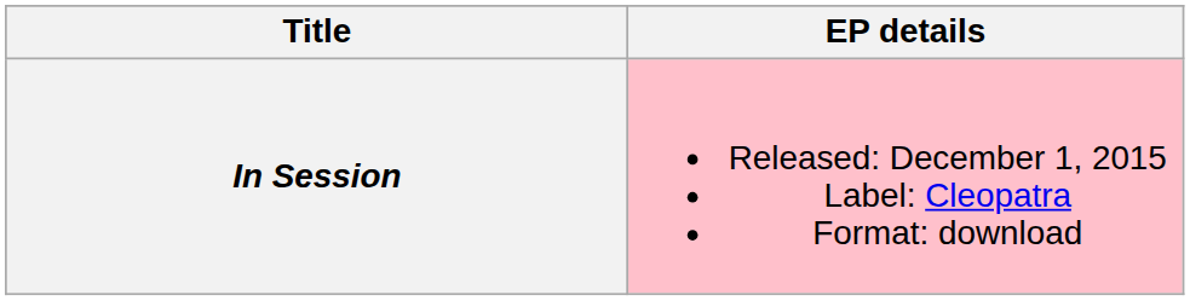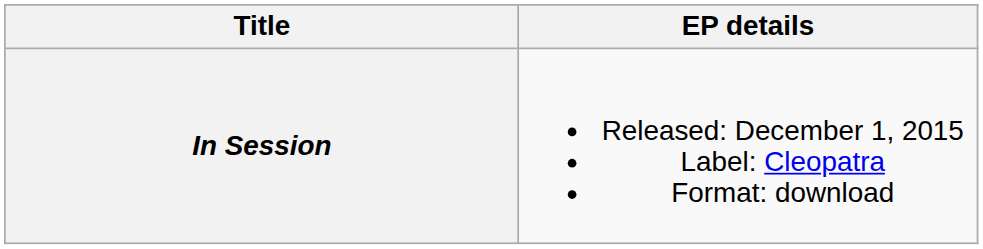 <table class="wikitable plainrowheaders" style="text-align:center;">
 <tr>
 <th scope="col" style="width:18em;">Title</th>
 <th scope="col" style="width:16em;">EP details</th>
 </tr>
 <tr>
 <th scope="row"><em>In Session</em></th>
-<td style="background: pink;"><br><ul><li>Released: December 1, 2015</li><li>Label: <a href='#'>Cleopatra</a></li><li>Format: download</li></ul></td>
+<td><br><ul><li>Released: December 1, 2015</li><li>Label: <a href='#'>Cleopatra</a></li><li>Format: download</li></ul></td>
 </tr>
 </table>
